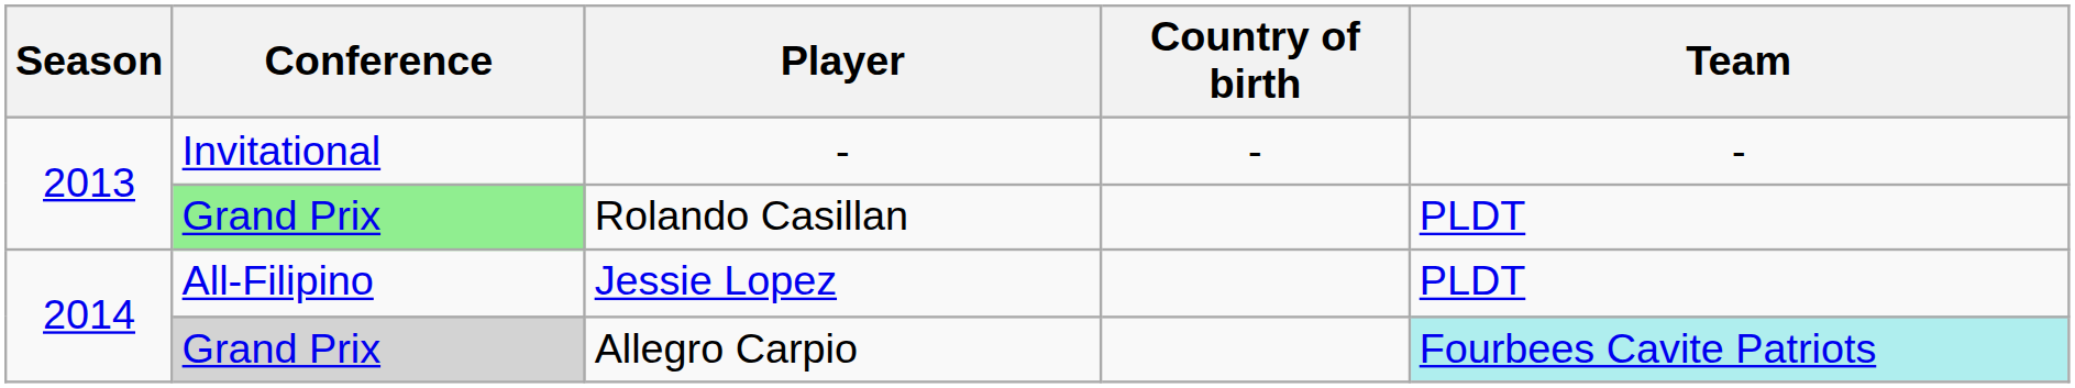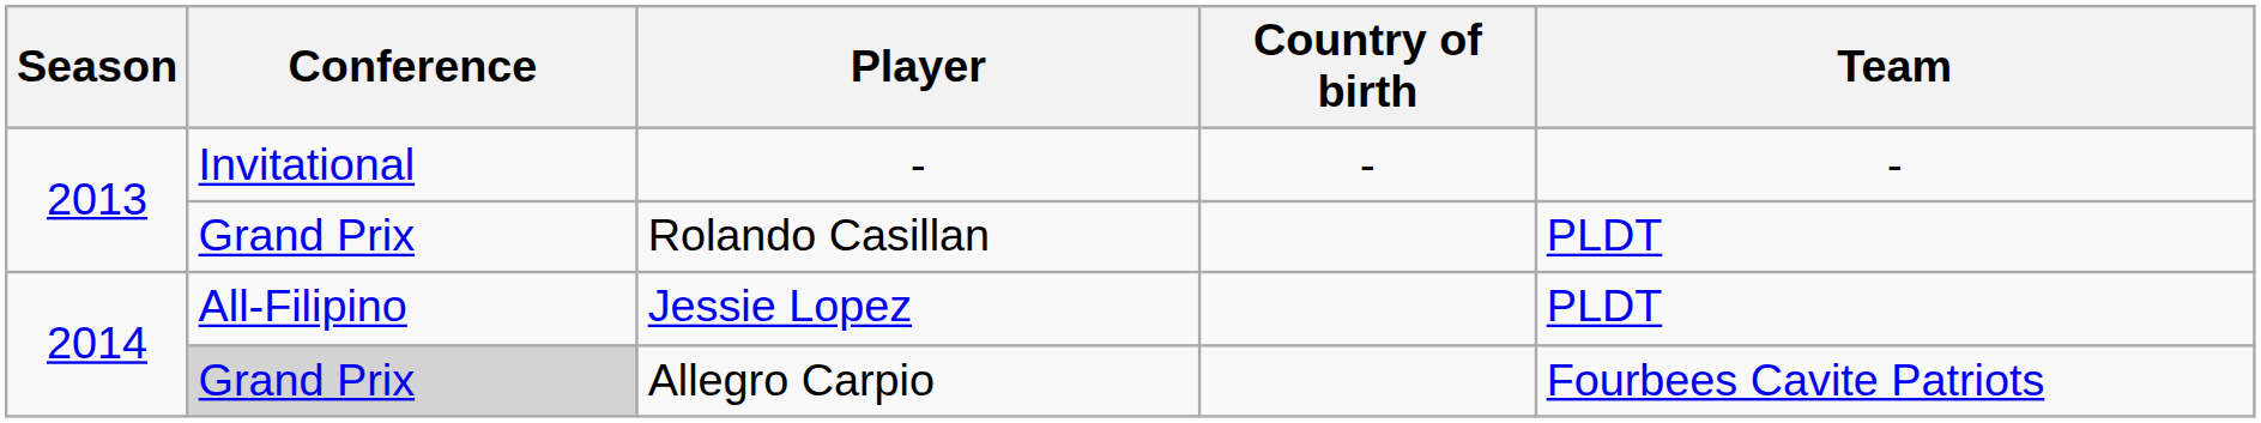 <table class="wikitable plainrowheaders sortable" width="90%" summary="Season (sortable), Player (sortable), Position (sortable), Nationality (sortable) and Team (sortable)">
 <tr>
 <th scope="col" width="5%">Season</th>
 <th scope="col" width="20%">Conference</th>
 <th scope="col" width="25%">Player</th>
 <th scope="col" width="15%">Country of birth</th>
 <th scope="col">Team</th>
 </tr>
 <tr>
 <td rowspan="2" align=center><a href='#'>2013</a></td>
 <td><a href='#'>Invitational</a></td>
 <td align=center>-</td>
 <td align=center>-</td>
 <td align=center>-</td>
 </tr>
 <tr>
-<td style="background: lightgreen;"><a href='#'>Grand Prix</a></td>
+<td><a href='#'>Grand Prix</a></td>
 <td>Rolando Casillan</td>
 <td></td>
 <td><a href='#'>PLDT</a></td>
 </tr>
 <tr>
 <td rowspan="2" align=center><a href='#'>2014</a></td>
 <td><a href='#'>All-Filipino</a></td>
 <td><a href='#'>Jessie Lopez</a></td>
 <td></td>
 <td><a href='#'>PLDT</a></td>
 </tr>
 <tr>
 <td style="background: lightgrey;"><a href='#'>Grand Prix</a></td>
 <td>Allegro Carpio</td>
 <td></td>
-<td style="background: paleturquoise;"><a href='#'>Fourbees Cavite Patriots</a></td>
+<td><a href='#'>Fourbees Cavite Patriots</a></td>
 </tr>
 </table>
